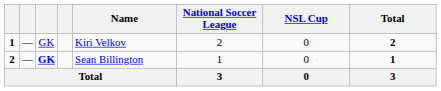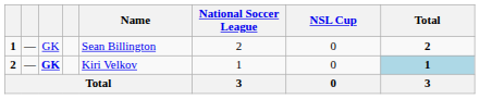 <table class="wikitable" style="text-align:center">
 <tr>
 <th width=15></th>
 <th width=15></th>
 <th width=15></th>
 <th width=15></th>
 <th width=145>Name</th>
 <th width=120><a href='#'>National Soccer League</a></th>
 <th width=120><a href='#'>NSL Cup</a></th>
 <th width=120>Total</th>
 </tr>
 <tr>
 <td><strong>1</strong></td>
 <td>—</td>
 <td><a href='#'>GK</a></td>
 <td></td>
-<td align=left><a href='#'>Kiri Velkov</a></td>
+<td align=left><a href='#'>Sean Billington</a></td>
 <td>2</td>
 <td>0</td>
 <td><strong>2</strong></td>
 </tr>
 <tr>
 <td><strong>2</strong></td>
 <td>—</td>
 <td><strong><a href='#'>GK</a></strong></td>
 <td></td>
-<td align=left><a href='#'>Sean Billington</a></td>
+<td align=left><a href='#'>Kiri Velkov</a></td>
 <td>1</td>
 <td>0</td>
-<td><strong>1</strong></td>
+<td style="background: lightblue;"><strong>1</strong></td>
 </tr>
 <tr>
 <th colspan="5"><strong>Total</strong></th>
 <th>3</th>
 <th>0</th>
 <th>3</th>
 </tr>
 </table>
